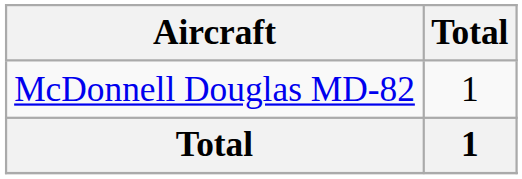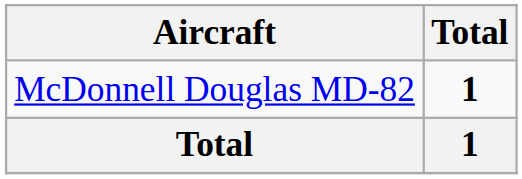 <table class="wikitable" style="margin:0.5em auto; text-align:center">
 <tr>
 <th>Aircraft</th>
 <th>Total</th>
 </tr>
 <tr>
 <td><a href='#'>McDonnell Douglas MD-82</a></td>
-<td align=center>1</td>
+<td align=center><strong>1</strong></td>
 </tr>
 <tr>
 <th>Total</th>
 <th>1</th>
 </tr>
 <tr>
 </tr>
 </table>
